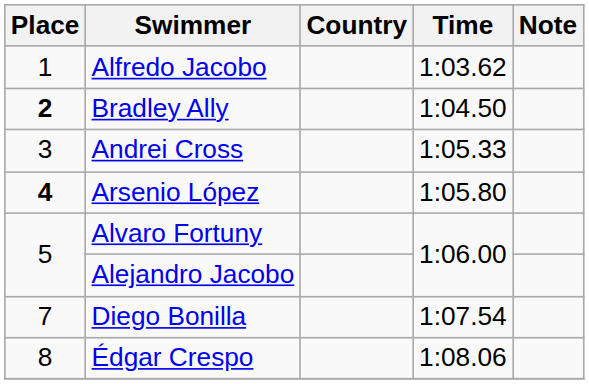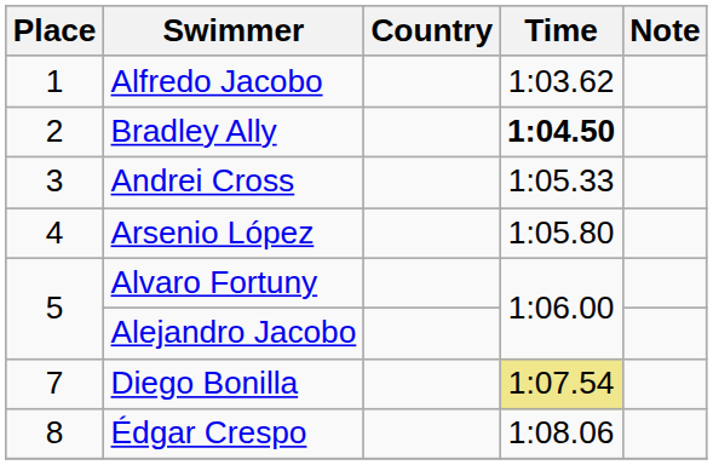 <table class="wikitable" style="text-align:center">
 <tr>
 <th>Place</th>
 <th>Swimmer</th>
 <th>Country</th>
 <th>Time</th>
 <th>Note</th>
 </tr>
 <tr>
 <td>1</td>
 <td align=left><a href='#'>Alfredo Jacobo</a></td>
 <td align=left></td>
 <td>1:03.62</td>
 <td></td>
 </tr>
 <tr>
-<td><strong>2</strong></td>
+<td>2</td>
 <td align=left><a href='#'>Bradley Ally</a></td>
 <td align=left></td>
-<td>1:04.50</td>
+<td><strong>1:04.50</strong></td>
 <td></td>
 </tr>
 <tr>
 <td>3</td>
 <td align=left><a href='#'>Andrei Cross</a></td>
 <td align=left></td>
 <td>1:05.33</td>
 <td></td>
 </tr>
 <tr>
-<td><strong>4</strong></td>
+<td>4</td>
 <td align=left><a href='#'>Arsenio López</a></td>
 <td align=left></td>
 <td>1:05.80</td>
 <td></td>
 </tr>
 <tr>
 <td rowspan=2>5</td>
 <td align=left><a href='#'>Alvaro Fortuny</a></td>
 <td align=left></td>
 <td rowspan=2>1:06.00</td>
 <td></td>
 </tr>
 <tr>
 <td align=left><a href='#'>Alejandro Jacobo</a></td>
 <td align=left></td>
 <td></td>
 </tr>
 <tr>
 <td>7</td>
 <td align=left><a href='#'>Diego Bonilla</a></td>
 <td align=left></td>
-<td>1:07.54</td>
+<td style="background: khaki;">1:07.54</td>
 <td></td>
 </tr>
 <tr>
 <td>8</td>
 <td align=left><a href='#'>Édgar Crespo</a></td>
 <td align=left></td>
 <td>1:08.06</td>
 <td></td>
 </tr>
 <tr>
 </tr>
 </table>
